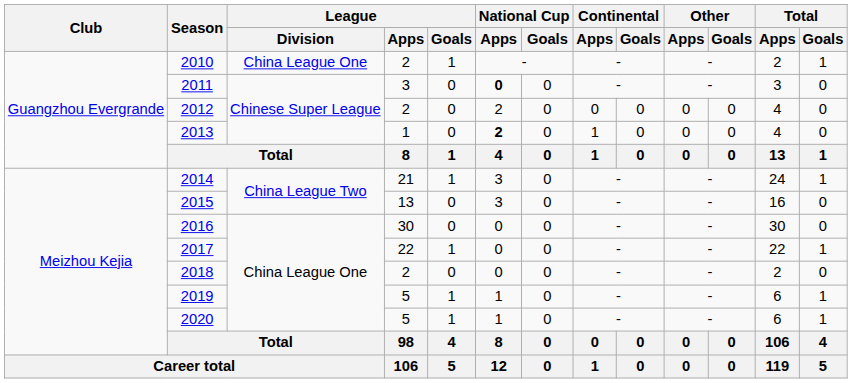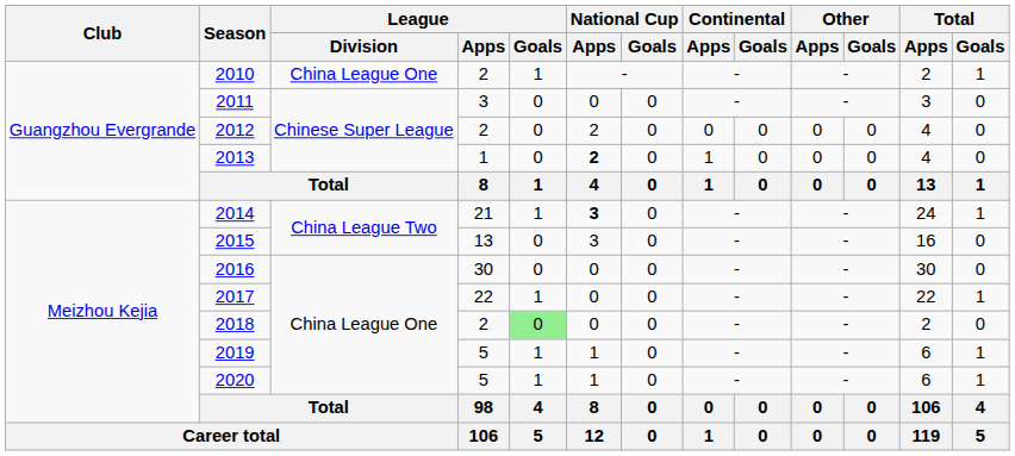 <table class="wikitable" style="text-align: center">
 <tr>
 <th rowspan="2">Club</th>
 <th rowspan="2">Season</th>
 <th colspan="3">League</th>
 <th colspan="2">National Cup</th>
 <th colspan="2">Continental</th>
 <th colspan="2">Other</th>
 <th colspan="2">Total</th>
 </tr>
 <tr>
 <th>Division</th>
 <th>Apps</th>
 <th>Goals</th>
 <th>Apps</th>
 <th>Goals</th>
 <th>Apps</th>
 <th>Goals</th>
 <th>Apps</th>
 <th>Goals</th>
 <th>Apps</th>
 <th>Goals</th>
 </tr>
 <tr>
 <td rowspan=5><a href='#'>Guangzhou Evergrande</a></td>
 <td><a href='#'>2010</a></td>
 <td><a href='#'>China League One</a></td>
 <td>2</td>
 <td>1</td>
 <td colspan="2">-</td>
 <td colspan="2">-</td>
 <td colspan="2">-</td>
 <td>2</td>
 <td>1</td>
 </tr>
 <tr>
 <td><a href='#'>2011</a></td>
 <td rowspan=3><a href='#'>Chinese Super League</a></td>
 <td>3</td>
 <td>0</td>
-<td><strong>0</strong></td>
+<td>0</td>
 <td>0</td>
 <td colspan="2">-</td>
 <td colspan="2">-</td>
 <td>3</td>
 <td>0</td>
 </tr>
 <tr>
 <td><a href='#'>2012</a></td>
 <td>2</td>
 <td>0</td>
 <td>2</td>
 <td>0</td>
 <td>0</td>
 <td>0</td>
 <td>0</td>
 <td>0</td>
 <td>4</td>
 <td>0</td>
 </tr>
 <tr>
 <td><a href='#'>2013</a></td>
 <td>1</td>
 <td>0</td>
 <td><strong>2</strong></td>
 <td>0</td>
 <td>1</td>
 <td>0</td>
 <td>0</td>
 <td>0</td>
 <td>4</td>
 <td>0</td>
 </tr>
 <tr>
 <th colspan=2>Total</th>
 <th>8</th>
 <th>1</th>
 <th>4</th>
 <th>0</th>
 <th>1</th>
 <th>0</th>
 <th>0</th>
 <th>0</th>
 <th>13</th>
 <th>1</th>
 </tr>
 <tr>
 <td rowspan=8><a href='#'>Meizhou Kejia</a></td>
 <td><a href='#'>2014</a></td>
 <td rowspan=2><a href='#'>China League Two</a></td>
 <td>21</td>
 <td>1</td>
-<td>3</td>
+<td><strong>3</strong></td>
 <td>0</td>
 <td colspan="2">-</td>
 <td colspan="2">-</td>
 <td>24</td>
 <td>1</td>
 </tr>
 <tr>
 <td><a href='#'>2015</a></td>
 <td>13</td>
 <td>0</td>
 <td>3</td>
 <td>0</td>
 <td colspan="2">-</td>
 <td colspan="2">-</td>
 <td>16</td>
 <td>0</td>
 </tr>
 <tr>
 <td><a href='#'>2016</a></td>
 <td rowspan=5>China League One</td>
 <td>30</td>
 <td>0</td>
 <td>0</td>
 <td>0</td>
 <td colspan="2">-</td>
 <td colspan="2">-</td>
 <td>30</td>
 <td>0</td>
 </tr>
 <tr>
 <td><a href='#'>2017</a></td>
 <td>22</td>
 <td>1</td>
 <td>0</td>
 <td>0</td>
 <td colspan="2">-</td>
 <td colspan="2">-</td>
 <td>22</td>
 <td>1</td>
 </tr>
 <tr>
 <td><a href='#'>2018</a></td>
 <td>2</td>
-<td>0</td>
+<td style="background: lightgreen;">0</td>
 <td>0</td>
 <td>0</td>
 <td colspan="2">-</td>
 <td colspan="2">-</td>
 <td>2</td>
 <td>0</td>
 </tr>
 <tr>
 <td><a href='#'>2019</a></td>
 <td>5</td>
 <td>1</td>
 <td>1</td>
 <td>0</td>
 <td colspan="2">-</td>
 <td colspan="2">-</td>
 <td>6</td>
 <td>1</td>
 </tr>
 <tr>
 <td><a href='#'>2020</a></td>
 <td>5</td>
 <td>1</td>
 <td>1</td>
 <td>0</td>
 <td colspan="2">-</td>
 <td colspan="2">-</td>
 <td>6</td>
 <td>1</td>
 </tr>
 <tr>
 <th colspan=2>Total</th>
 <th>98</th>
 <th>4</th>
 <th>8</th>
 <th>0</th>
 <th>0</th>
 <th>0</th>
 <th>0</th>
 <th>0</th>
 <th>106</th>
 <th>4</th>
 </tr>
 <tr>
 <th colspan=3>Career total</th>
 <th>106</th>
 <th>5</th>
 <th>12</th>
 <th>0</th>
 <th>1</th>
 <th>0</th>
 <th>0</th>
 <th>0</th>
 <th>119</th>
 <th>5</th>
 </tr>
 </table>
